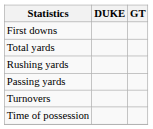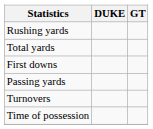 <table class="wikitable" style="float: left;">
 <tr>
 <th>Statistics</th>
 <th>DUKE</th>
 <th>GT</th>
 </tr>
 <tr>
-<td>First downs</td>
+<td>Rushing yards</td>
 <td></td>
 <td></td>
 </tr>
 <tr>
 <td>Total yards</td>
 <td></td>
 <td></td>
 </tr>
 <tr>
-<td>Rushing yards</td>
+<td>First downs</td>
 <td></td>
 <td></td>
 </tr>
 <tr>
 <td>Passing yards</td>
 <td></td>
 <td></td>
 </tr>
 <tr>
 <td>Turnovers</td>
 <td></td>
 <td></td>
 </tr>
 <tr>
 <td>Time of possession</td>
 <td></td>
 <td></td>
 </tr>
 <tr>
 </tr>
 </table>
